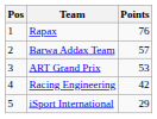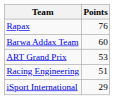 <table class="wikitable" style="font-size: 85%;">
 <tr>
-<th>Pos</th>
 <th>Team</th>
 <th>Points</th>
 </tr>
 <tr>
-<td>1</td>
 <td> <a href='#'>Rapax</a></td>
 <td align="right">76</td>
 </tr>
 <tr>
-<td>2</td>
 <td> <a href='#'>Barwa Addax Team</a></td>
-<td align="right">57</td>
+<td align="right">60</td>
 </tr>
 <tr>
-<td>3</td>
 <td> <a href='#'>ART Grand Prix</a></td>
 <td align="right">53</td>
 </tr>
 <tr>
-<td>4</td>
 <td> <a href='#'>Racing Engineering</a></td>
-<td align="right">42</td>
+<td align="right">51</td>
 </tr>
 <tr>
-<td>5</td>
 <td> <a href='#'>iSport International</a></td>
 <td align="right">29</td>
 </tr>
 </table>
